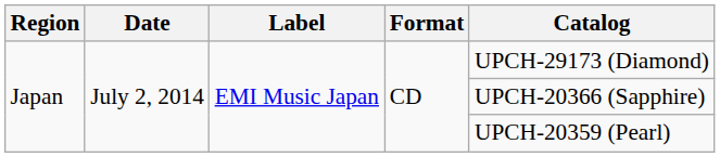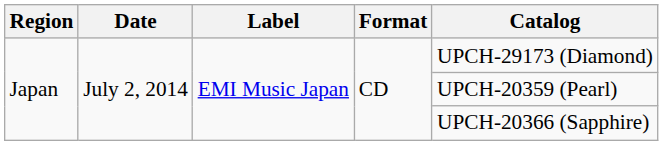 <table class="wikitable">
 <tr>
 <th>Region</th>
 <th>Date</th>
 <th>Label</th>
 <th>Format</th>
 <th>Catalog</th>
 </tr>
 <tr>
 <td rowspan="3">Japan</td>
 <td rowspan="3">July 2, 2014</td>
 <td rowspan="3"><a href='#'>EMI Music Japan</a></td>
 <td rowspan="3">CD</td>
 <td>UPCH-29173 (Diamond)</td>
 </tr>
 <tr>
+<td>UPCH-20359 (Pearl)</td>
+</tr>
+<tr>
 <td>UPCH-20366 (Sapphire)</td>
 </tr>
-<tr>
-<td>UPCH-20359 (Pearl)</td>
-</tr>
 </table>
